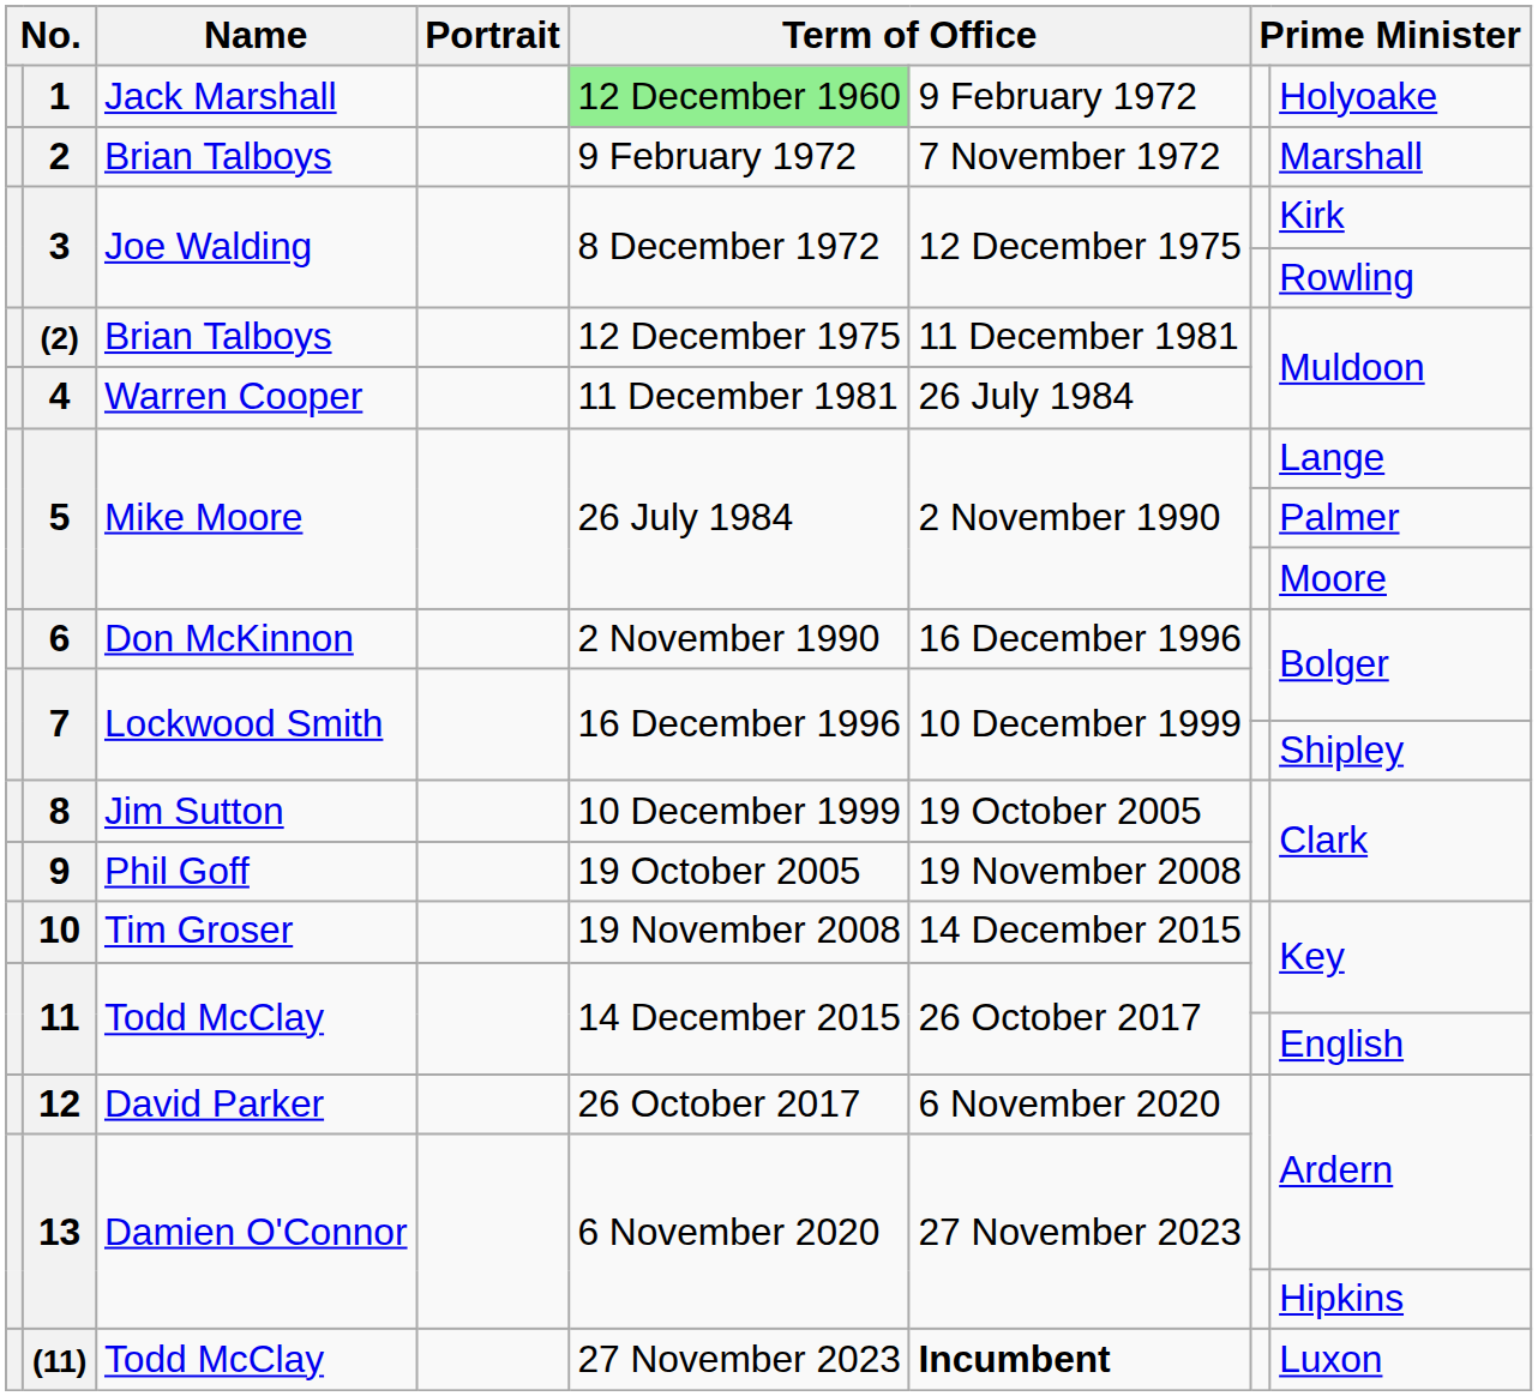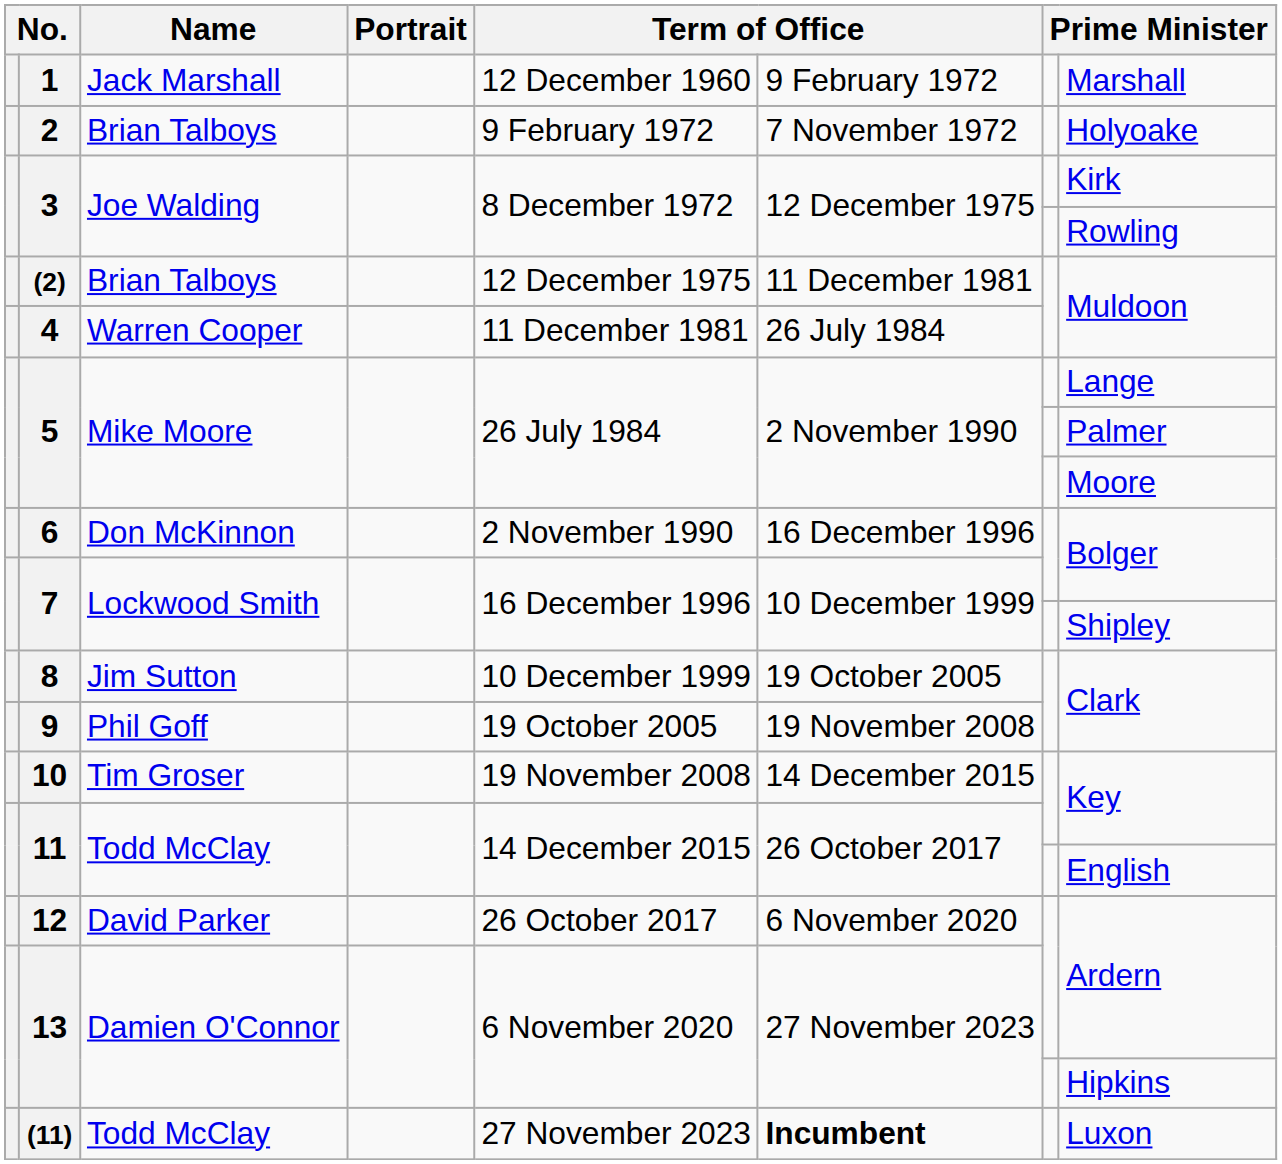 <table class="wikitable">
 <tr>
 <th colspan="2">No.</th>
 <th>Name</th>
 <th>Portrait</th>
 <th colspan="2">Term of Office</th>
 <th colspan="2">Prime Minister</th>
 </tr>
 <tr>
 <th style="color:inherit;background:"></th>
 <th>1</th>
 <td><a href='#'>Jack Marshall</a></td>
 <td></td>
-<td style="background: lightgreen;">12 December 1960</td>
+<td>12 December 1960</td>
 <td>9 February 1972</td>
 <td width=1 style="color:inherit;background:"></td>
-<td><a href='#'>Holyoake</a></td>
+<td><a href='#'>Marshall</a></td>
 </tr>
 <tr>
 <th style="color:inherit;background:"></th>
 <th>2</th>
 <td><a href='#'>Brian Talboys</a></td>
 <td></td>
 <td>9 February 1972</td>
 <td>7 November 1972</td>
 <td style="color:inherit;background:"></td>
-<td><a href='#'>Marshall</a></td>
+<td><a href='#'>Holyoake</a></td>
 </tr>
 <tr>
 <th rowspan=2 style="color:inherit;background:"></th>
 <th rowspan=2>3</th>
 <td rowspan=2><a href='#'>Joe Walding</a></td>
 <td rowspan=2></td>
 <td rowspan=2>8 December 1972</td>
 <td rowspan=2>12 December 1975</td>
 <td style="color:inherit;background:"></td>
 <td><a href='#'>Kirk</a></td>
 </tr>
 <tr>
 <td style="color:inherit;background:"></td>
 <td><a href='#'>Rowling</a></td>
 </tr>
 <tr>
 <th style="color:inherit;background:"></th>
 <th><small>(2)</small></th>
 <td><a href='#'>Brian Talboys</a></td>
 <td></td>
 <td>12 December 1975</td>
 <td>11 December 1981</td>
 <td rowspan=2 style="color:inherit;background:"></td>
 <td rowspan=2><a href='#'>Muldoon</a></td>
 </tr>
 <tr>
 <th style="color:inherit;background:"></th>
 <th>4</th>
 <td><a href='#'>Warren Cooper</a></td>
 <td></td>
 <td>11 December 1981</td>
 <td>26 July 1984</td>
 </tr>
 <tr>
 <th rowspan=3 style="color:inherit;background:"></th>
 <th rowspan=3>5</th>
 <td rowspan=3><a href='#'>Mike Moore</a></td>
 <td rowspan=3></td>
 <td rowspan=3>26 July 1984</td>
 <td rowspan=3>2 November 1990</td>
 <td style="color:inherit;background:"></td>
 <td><a href='#'>Lange</a></td>
 </tr>
 <tr>
 <td style="color:inherit;background:"></td>
 <td><a href='#'>Palmer</a></td>
 </tr>
 <tr>
 <td style="color:inherit;background:"></td>
 <td><a href='#'>Moore</a></td>
 </tr>
 <tr>
 <th style="color:inherit;background:"></th>
 <th>6</th>
 <td><a href='#'>Don McKinnon</a></td>
 <td></td>
 <td>2 November 1990</td>
 <td>16 December 1996</td>
 <td rowspan=2 style="color:inherit;background:"></td>
 <td rowspan=2><a href='#'>Bolger</a></td>
 </tr>
 <tr>
 <th height=15 style="border-bottom:solid 0 grey; background:"></th>
 <th rowspan="2">7</th>
 <td rowspan="2"><a href='#'>Lockwood Smith</a></td>
 <td rowspan="2"></td>
 <td rowspan="2">16 December 1996</td>
 <td rowspan="2">10 December 1999</td>
 </tr>
 <tr>
 <th height=15 style="border-top:solid 0 grey; background:"></th>
 <td style="color:inherit;background:"></td>
 <td><a href='#'>Shipley</a></td>
 </tr>
 <tr>
 <th style="color:inherit;background:"></th>
 <th>8</th>
 <td><a href='#'>Jim Sutton</a></td>
 <td></td>
 <td>10 December 1999</td>
 <td>19 October 2005</td>
 <td rowspan=2 style="color:inherit;background:"></td>
 <td rowspan=2><a href='#'>Clark</a></td>
 </tr>
 <tr>
 <th style="color:inherit;background:"></th>
 <th>9</th>
 <td><a href='#'>Phil Goff</a></td>
 <td></td>
 <td>19 October 2005</td>
 <td>19 November 2008</td>
 </tr>
 <tr>
 <th style="color:inherit;background:"></th>
 <th>10</th>
 <td><a href='#'>Tim Groser</a></td>
 <td></td>
 <td>19 November 2008</td>
 <td>14 December 2015</td>
 <td rowspan=2 style="color:inherit;background:"></td>
 <td rowspan=2><a href='#'>Key</a></td>
 </tr>
 <tr>
 <th height=15 style="border-bottom:solid 0 grey; background:"></th>
 <th rowspan="2">11</th>
 <td rowspan="2"><a href='#'>Todd McClay</a></td>
 <td rowspan="2"></td>
 <td rowspan="2">14 December 2015</td>
 <td rowspan="2">26 October 2017</td>
 </tr>
 <tr>
 <th height=15 style="border-top:solid 0 grey; background:"></th>
 <td style="color:inherit;background:"></td>
 <td><a href='#'>English</a></td>
 </tr>
 <tr>
 <th style="color:inherit;background:"></th>
 <th>12</th>
 <td><a href='#'>David Parker</a></td>
 <td></td>
 <td>26 October 2017</td>
 <td>6 November 2020</td>
 <td rowspan=2 style="color:inherit;background:"></td>
 <td rowspan=2><a href='#'>Ardern</a></td>
 </tr>
 <tr>
 <th height=50 style="border-bottom:solid 0 grey; background:"></th>
 <th rowspan="2">13</th>
 <td rowspan="2"><a href='#'>Damien O'Connor</a></td>
 <td rowspan="2"></td>
 <td rowspan="2">6 November 2020</td>
 <td rowspan="2">27 November 2023</td>
 </tr>
 <tr>
 <th height=15 style="border-top:solid 0 grey; background:"></th>
 <td style="color:inherit;background:"></td>
 <td><a href='#'>Hipkins</a></td>
 </tr>
 <tr>
 <th style="border-bottom:solid 0 grey; background:"></th>
 <th><small>(11)</small></th>
 <td><a href='#'>Todd McClay</a></td>
 <td></td>
 <td>27 November 2023</td>
 <td><strong>Incumbent</strong></td>
 <td style="color:inherit;background:"></td>
 <td><a href='#'>Luxon</a></td>
 </tr>
 </table>
